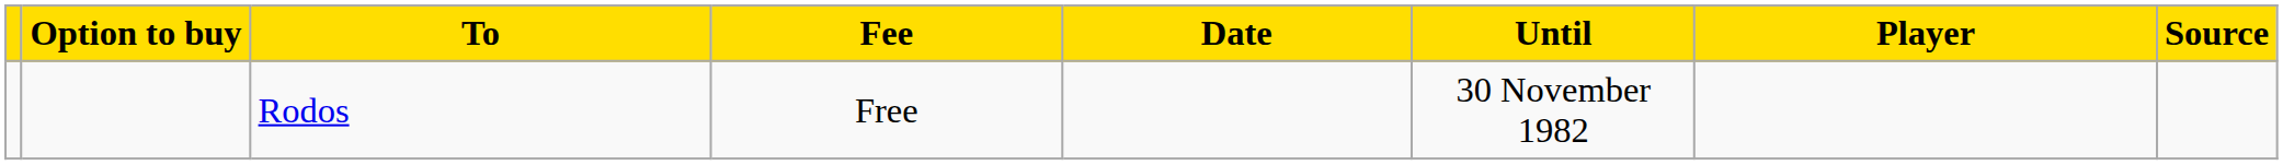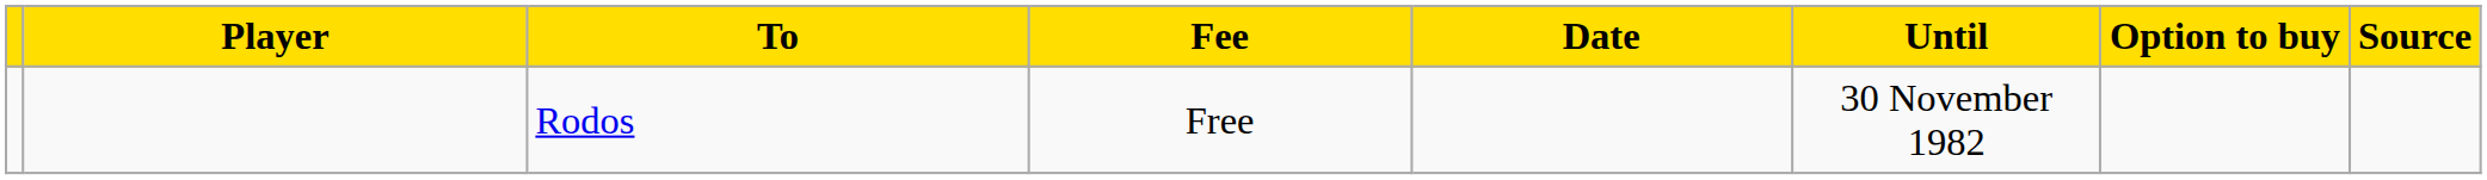 <table class="wikitable sortable">
 <tr>
 <th style="background:#FFDE00"></th>
-<th style="background:#FFDE00">Option to buy</th>
+<th width=200 style="background:#FFDE00">Player</th>
 <th width=200 style="background:#FFDE00">To</th>
 <th width=150 style="background:#FFDE00">Fee</th>
 <th width=150 style="background:#FFDE00">Date</th>
 <th width=120 style="background:#FFDE00">Until</th>
-<th width=200 style="background:#FFDE00">Player</th>
+<th style="background:#FFDE00">Option to buy</th>
 <th style="background:#FFDE00">Source</th>
 </tr>
 <tr>
 <td align=center></td>
-<td align=center></td>
+<td></td>
 <td> <a href='#'>Rodos</a></td>
 <td align=center>Free</td>
 <td align=center></td>
 <td align=center>30 November 1982</td>
-<td></td>
+<td align=center></td>
 <td align=center></td>
 </tr>
 </table>
